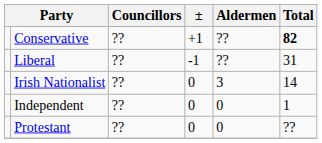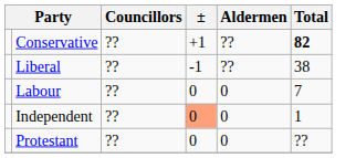 <table class="wikitable">
 <tr>
 <th colspan="2">Party</th>
 <th>Councillors</th>
 <th>  ±  </th>
 <th>Aldermen</th>
 <th>Total</th>
 </tr>
 <tr>
 <td style="background-color: "></td>
 <td><a href='#'>Conservative</a></td>
 <td>??</td>
 <td>+1</td>
 <td>??</td>
 <td><strong>82</strong></td>
 </tr>
 <tr>
 <td style="background-color: "></td>
 <td><a href='#'>Liberal</a></td>
 <td>??</td>
 <td>-1</td>
 <td>??</td>
-<td>31</td>
+<td>38</td>
 </tr>
 <tr>
 <td style="background-color: "></td>
-<td><a href='#'>Irish Nationalist</a></td>
+<td><a href='#'>Labour</a></td>
 <td>??</td>
 <td>0</td>
-<td>3</td>
-<td>14</td>
+<td>0</td>
+<td>7</td>
 </tr>
 <tr>
 <td style="background-color: "></td>
 <td>Independent</td>
 <td>??</td>
-<td>0</td>
+<td style="background: lightsalmon;">0</td>
 <td>0</td>
 <td>1</td>
 </tr>
 <tr>
 <td style="background-color: "></td>
 <td><a href='#'>Protestant</a></td>
 <td>??</td>
 <td>0</td>
 <td>0</td>
 <td>??</td>
 </tr>
 <tr>
 </tr>
 </table>
